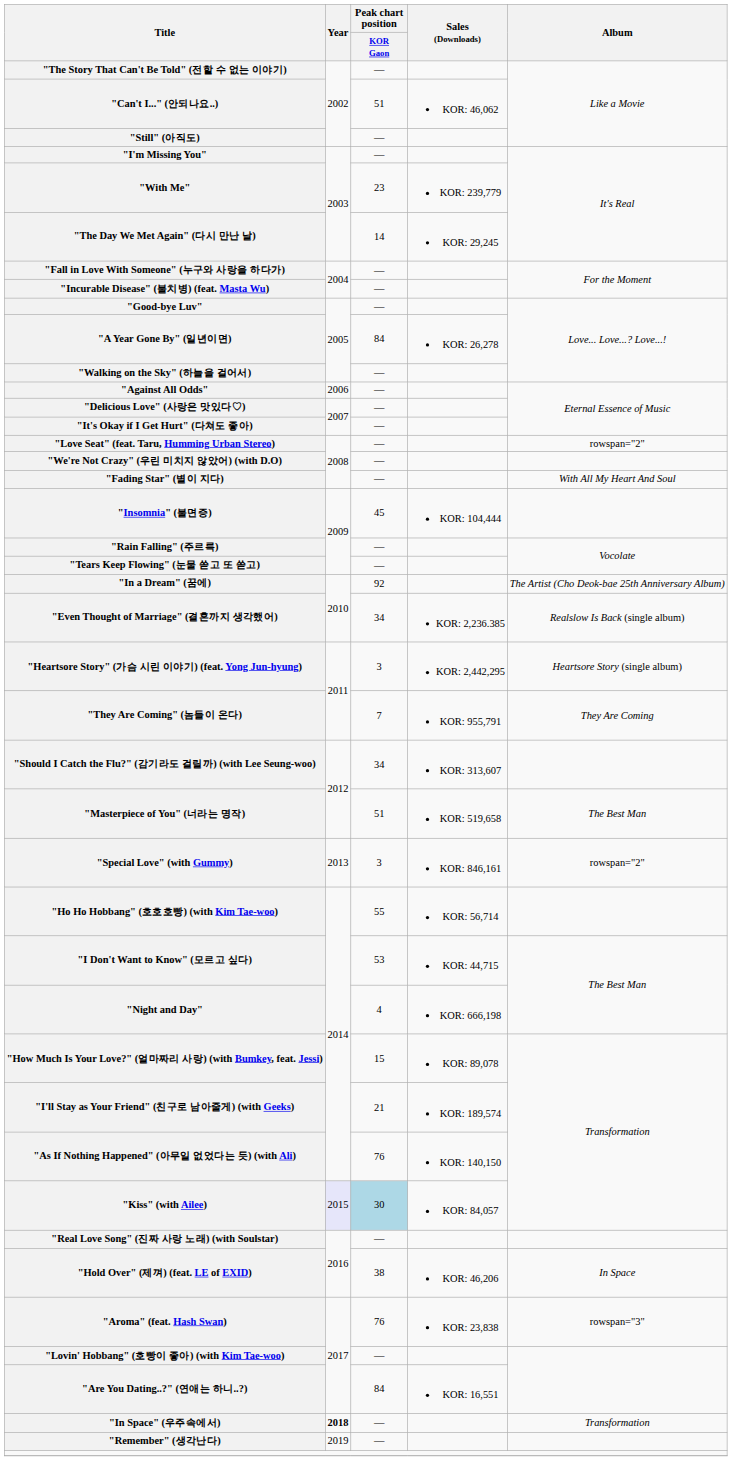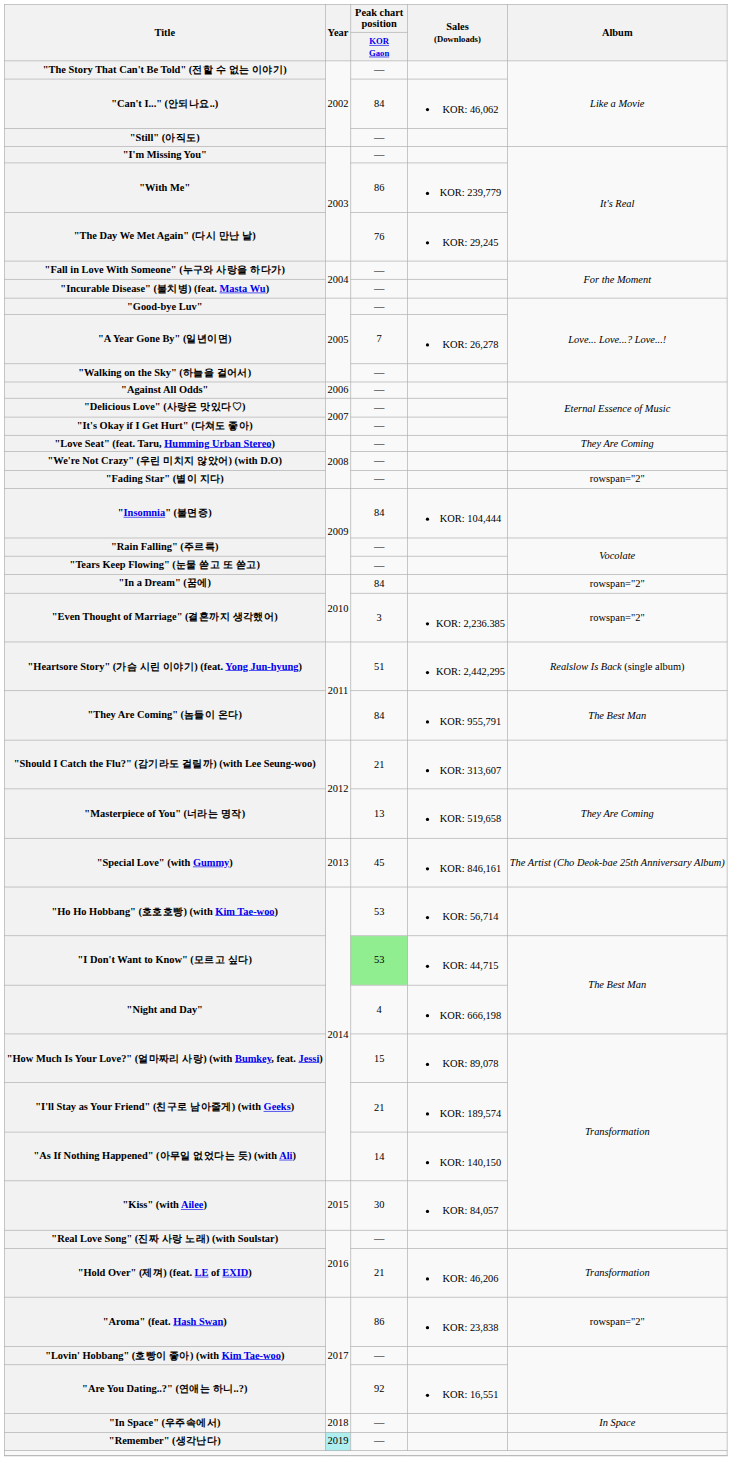 <table class="wikitable plainrowheaders" style="text-align:center;">
 <tr>
 <th scope="col" rowspan="2">Title</th>
 <th scope="col" rowspan="2">Year</th>
 <th colspan="1" scope="col" style="width:5em;">Peak chart position</th>
 <th scope="col" rowspan="2">Sales<br><small>(Downloads)</small></th>
 <th scope="col" rowspan="2">Album</th>
 </tr>
 <tr>
 <th scope="col"><small><a href='#'>KOR<br>Gaon</a></small><br></th>
 </tr>
 <tr>
 <th scope="row">"The Story That Can't Be Told" (전할 수 없는 이야기)</th>
 <td rowspan="3">2002</td>
 <td>—</td>
 <td></td>
 <td rowspan="3"><em>Like a Movie</em></td>
 </tr>
 <tr>
 <th scope="row">"Can't I..." (안되나요..)</th>
-<td>51</td>
+<td>84</td>
 <td><br><ul><li>KOR: 46,062</li></ul></td>
 </tr>
 <tr>
 <th scope="row">"Still" (아직도)</th>
 <td>—</td>
 <td></td>
 </tr>
 <tr>
 <th scope="row">"I'm Missing You"</th>
 <td rowspan="3">2003</td>
 <td>—</td>
 <td></td>
 <td rowspan="3"><em>It's Real</em></td>
 </tr>
 <tr>
 <th scope="row">"With Me"</th>
-<td>23</td>
+<td>86</td>
 <td><br><ul><li>KOR: 239,779</li></ul></td>
 </tr>
 <tr>
 <th scope="row">"The Day We Met Again" (다시 만난 날)</th>
-<td>14</td>
+<td>76</td>
 <td><br><ul><li>KOR: 29,245</li></ul></td>
 </tr>
 <tr>
 <th scope="row">"Fall in Love With Someone" (누구와 사랑을 하다가)</th>
 <td rowspan="2">2004</td>
 <td>—</td>
 <td></td>
 <td rowspan="2"><em>For the Moment</em></td>
 </tr>
 <tr>
 <th scope="row">"Incurable Disease" (불치병) (feat. <a href='#'>Masta Wu</a>)</th>
 <td>—</td>
 <td></td>
 </tr>
 <tr>
 <th scope="row">"Good-bye Luv"</th>
 <td rowspan="3">2005</td>
 <td>—</td>
 <td></td>
 <td rowspan="3"><em>Love... Love...? Love...!</em></td>
 </tr>
 <tr>
 <th scope="row">"A Year Gone By" (일년이면)</th>
-<td>84</td>
+<td>7</td>
 <td><br><ul><li>KOR: 26,278</li></ul></td>
 </tr>
 <tr>
 <th scope="row">"Walking on the Sky" (하늘을 걸어서)</th>
 <td>—</td>
 <td></td>
 </tr>
 <tr>
 <th scope="row">"Against All Odds"</th>
 <td>2006</td>
 <td>—</td>
 <td></td>
 <td rowspan="3"><em>Eternal Essence of Music</em></td>
 </tr>
 <tr>
 <th scope="row">"Delicious Love" (사랑은 맛있다♡)</th>
 <td rowspan="2">2007</td>
 <td>—</td>
 <td></td>
 </tr>
 <tr>
 <th scope="row">"It's Okay if I Get Hurt" (다쳐도 좋아)</th>
 <td>—</td>
 <td></td>
 </tr>
 <tr>
 <th scope="row">"Love Seat" (feat. Taru, <a href='#'>Humming Urban Stereo</a>)</th>
 <td rowspan="3">2008</td>
 <td>—</td>
 <td></td>
-<td>rowspan="2" </td>
+<td><em>They Are Coming</em></td>
 </tr>
 <tr>
 <th scope="row">"We're Not Crazy" (우린 미치지 않았어) (with D.O)</th>
 <td>—</td>
 <td></td>
 </tr>
 <tr>
 <th scope="row">"Fading Star" (별이 지다)</th>
 <td>—</td>
 <td></td>
-<td><em>With All My Heart And Soul</em></td>
+<td>rowspan="2" </td>
 </tr>
 <tr>
 <th scope="row">"<a href='#'>Insomnia</a>" (불면증)</th>
 <td rowspan="3">2009</td>
-<td>45</td>
+<td>84</td>
 <td><br><ul><li>KOR: 104,444</li></ul></td>
 <td></td>
 </tr>
 <tr>
 <th scope="row">"Rain Falling" (주르륵)</th>
 <td>—</td>
 <td></td>
 <td rowspan="2"><em>Vocolate</em></td>
 </tr>
 <tr>
 <th scope="row">"Tears Keep Flowing" (눈물 쏟고 또 쏟고)</th>
 <td>—</td>
 <td></td>
 </tr>
 <tr>
 <th scope="row">"In a Dream" (꿈에)</th>
 <td rowspan="2">2010</td>
-<td>92</td>
+<td>84</td>
 <td></td>
-<td><em>The Artist (Cho Deok-bae 25th Anniversary Album)</em></td>
+<td>rowspan="2" </td>
 </tr>
 <tr>
 <th scope="row">"Even Thought of Marriage" (결혼까지 생각했어)</th>
-<td>34</td>
+<td>3</td>
 <td><br><ul><li>KOR: 2,236.385</li></ul></td>
-<td><em>Realslow Is Back</em> (single album)</td>
+<td>rowspan="2" </td>
 </tr>
 <tr>
 <th scope="row">"Heartsore Story" (가슴 시린 이야기) (feat. <a href='#'>Yong Jun-hyung</a>)</th>
 <td rowspan="2">2011</td>
-<td>3</td>
+<td>51</td>
 <td><br><ul><li>KOR: 2,442,295</li></ul></td>
-<td><em>Heartsore Story</em> (single album)</td>
+<td><em>Realslow Is Back</em> (single album)</td>
 </tr>
 <tr>
 <th scope="row">"They Are Coming" (놈들이 온다)</th>
-<td>7</td>
+<td>84</td>
 <td><br><ul><li>KOR: 955,791</li></ul></td>
-<td><em>They Are Coming</em></td>
+<td><em>The Best Man</em></td>
 </tr>
 <tr>
 <th scope="row">"Should I Catch the Flu?" (감기라도 걸릴까) (with Lee Seung-woo)</th>
 <td rowspan="2">2012</td>
-<td>34</td>
+<td>21</td>
 <td><br><ul><li>KOR: 313,607</li></ul></td>
 <td></td>
 </tr>
 <tr>
 <th scope="row">"Masterpiece of You" (너라는 명작)</th>
-<td>51</td>
+<td>13</td>
 <td><br><ul><li>KOR: 519,658</li></ul></td>
-<td><em>The Best Man</em></td>
+<td><em>They Are Coming</em></td>
 </tr>
 <tr>
 <th scope="row">"Special Love" (with <a href='#'>Gummy</a>)</th>
 <td>2013</td>
-<td>3</td>
+<td>45</td>
 <td><br><ul><li>KOR: 846,161</li></ul></td>
-<td>rowspan="2" </td>
+<td><em>The Artist (Cho Deok-bae 25th Anniversary Album)</em></td>
 </tr>
 <tr>
 <th scope="row">"Ho Ho Hobbang" (호호호빵) (with <a href='#'>Kim Tae-woo</a>)</th>
 <td rowspan="6">2014</td>
-<td>55</td>
+<td>53</td>
 <td><br><ul><li>KOR: 56,714</li></ul></td>
 </tr>
 <tr>
 <th scope="row">"I Don't Want to Know" (모르고 싶다)</th>
-<td>53</td>
+<td style="background: lightgreen;">53</td>
 <td><br><ul><li>KOR: 44,715</li></ul></td>
 <td rowspan="2"><em>The Best Man</em></td>
 </tr>
 <tr>
 <th scope="row">"Night and Day"</th>
 <td>4</td>
 <td><br><ul><li>KOR: 666,198</li></ul></td>
 </tr>
 <tr>
 <th scope="row">"How Much Is Your Love?" (얼마짜리 사랑) (with <a href='#'>Bumkey</a>, feat. <a href='#'>Jessi</a>)</th>
 <td>15</td>
 <td><br><ul><li>KOR: 89,078</li></ul></td>
 <td rowspan="4"><em>Transformation</em></td>
 </tr>
 <tr>
 <th scope="row">"I'll Stay as Your Friend" (친구로 남아줄게) (with <a href='#'>Geeks</a>)</th>
 <td>21</td>
 <td><br><ul><li>KOR: 189,574</li></ul></td>
 </tr>
 <tr>
 <th scope="row">"As If Nothing Happened" (아무일 없었다는 듯) (with <a href='#'>Ali</a>)</th>
-<td>76</td>
+<td>14</td>
 <td><br><ul><li>KOR: 140,150</li></ul></td>
 </tr>
 <tr>
 <th scope="row">"Kiss" (with <a href='#'>Ailee</a>)</th>
-<td style="background: lavender;">2015</td>
-<td style="background: lightblue;">30</td>
+<td>2015</td>
+<td>30</td>
 <td><br><ul><li>KOR: 84,057</li></ul></td>
 </tr>
 <tr>
 <th scope="row">"Real Love Song" (진짜 사랑 노래) (with Soulstar)</th>
 <td rowspan="2">2016</td>
 <td>—</td>
 <td></td>
 <td></td>
 </tr>
 <tr>
 <th scope="row">"Hold Over" (제껴) (feat. <a href='#'>LE</a> of <a href='#'>EXID</a>)</th>
-<td>38</td>
+<td>21</td>
 <td><br><ul><li>KOR: 46,206</li></ul></td>
-<td><em>In Space</em></td>
+<td><em>Transformation</em></td>
 </tr>
 <tr>
 <th scope="row">"Aroma" (feat. <a href='#'>Hash Swan</a>)</th>
 <td rowspan="3">2017</td>
-<td>76</td>
+<td>86</td>
 <td><br><ul><li>KOR: 23,838</li></ul></td>
-<td>rowspan="3" </td>
+<td>rowspan="2" </td>
 </tr>
 <tr>
 <th scope="row">"Lovin' Hobbang" (호빵이 좋아) (with <a href='#'>Kim Tae-woo</a>)</th>
 <td>—</td>
 <td></td>
 </tr>
 <tr>
 <th scope="row">"Are You Dating..?" (연애는 하니..?)</th>
-<td>84</td>
+<td>92</td>
 <td><br><ul><li>KOR: 16,551</li></ul></td>
 </tr>
 <tr>
 <th scope="row">"In Space" (우주속에서)</th>
-<td><strong>2018</strong></td>
+<td>2018</td>
 <td>—</td>
 <td></td>
-<td><em>Transformation</em></td>
+<td><em>In Space</em></td>
 </tr>
 <tr>
 <th scope="row">"Remember" (생각난다)</th>
-<td>2019</td>
+<td style="background: paleturquoise;">2019</td>
 <td>—</td>
 <td></td>
 <td></td>
 </tr>
 <tr>
 <td colspan="5"></td>
 </tr>
 <tr>
 </tr>
 </table>
